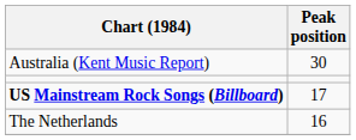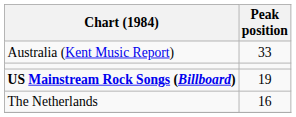 <table class="wikitable sortable">
 <tr>
 <th>Chart (1984)</th>
 <th>Peak<br>position</th>
 </tr>
 <tr>
 <td>Australia (<a href='#'>Kent Music Report</a>)</td>
-<td style="text-align:center;">30</td>
+<td style="text-align:center;">33</td>
 </tr>
 <tr>
 <td></td>
 </tr>
 <tr>
 <td><strong>US <a href='#'>Mainstream Rock Songs</a>  (<em><a href='#'>Billboard</a></em>)</strong></td>
-<td style="text-align:center;">17</td>
+<td style="text-align:center;">19</td>
 </tr>
 <tr>
 <td>The Netherlands </td>
 <td style="text-align:center;">16</td>
 </tr>
 <tr>
 </tr>
 </table>
